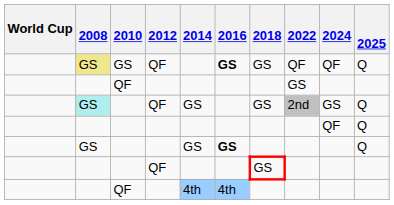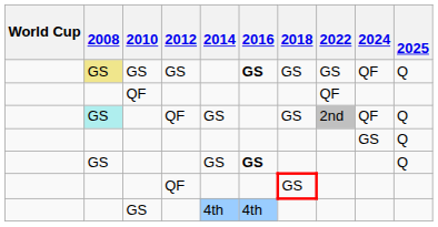 <table class="wikitable">
 <tr>
 <th>World Cup</th>
 <th><br><a href='#'>2008</a></th>
 <th><br><a href='#'>2010</a></th>
 <th><br><a href='#'>2012</a></th>
 <th><br><a href='#'>2014</a></th>
 <th><br><a href='#'>2016</a></th>
 <th><br><a href='#'>2018</a></th>
 <th><br><a href='#'>2022</a></th>
 <th><br><a href='#'>2024</a></th>
 <th><br><br><a href='#'>2025</a></th>
 </tr>
 <tr>
 <td></td>
 <td style="background: khaki;">GS</td>
 <td>GS</td>
-<td>QF</td>
+<td>GS</td>
 <td></td>
 <td><strong>GS</strong></td>
 <td>GS</td>
-<td>QF</td>
+<td>GS</td>
 <td>QF</td>
 <td>Q</td>
 </tr>
 <tr>
 <td></td>
 <td></td>
 <td>QF</td>
 <td></td>
 <td></td>
 <td></td>
 <td></td>
-<td>GS</td>
+<td>QF</td>
 <td></td>
 <td></td>
 </tr>
 <tr>
 <td></td>
 <td style="background: paleturquoise;">GS</td>
 <td></td>
 <td>QF</td>
 <td>GS</td>
 <td></td>
 <td>GS</td>
 <td bgcolor=silver>2nd</td>
-<td>GS</td>
+<td>QF</td>
 <td>Q</td>
 </tr>
 <tr>
 <td></td>
 <td></td>
 <td></td>
 <td></td>
 <td></td>
 <td></td>
 <td></td>
 <td></td>
-<td>QF</td>
+<td>GS</td>
 <td>Q</td>
 </tr>
 <tr>
 <td></td>
 <td>GS</td>
 <td></td>
 <td></td>
 <td>GS</td>
 <td><strong>GS</strong></td>
 <td></td>
 <td></td>
 <td></td>
 <td>Q</td>
 </tr>
 <tr>
 <td></td>
 <td></td>
 <td></td>
 <td>QF</td>
 <td></td>
 <td></td>
 <td style="border: 3px solid red">GS</td>
 <td></td>
 <td></td>
 <td></td>
 </tr>
 <tr>
 <td></td>
 <td></td>
-<td>QF</td>
+<td>GS</td>
 <td></td>
 <td bgcolor=#9acdff>4th</td>
 <td bgcolor=#9acdff>4th</td>
 <td></td>
 <td></td>
 <td></td>
 <td></td>
 </tr>
 </table>
